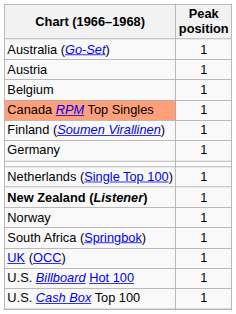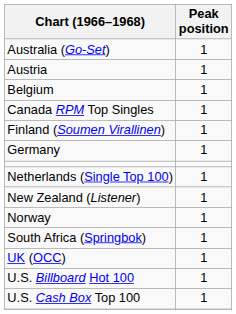 <table class="wikitable sortable">
 <tr>
 <th>Chart (1966–1968)</th>
 <th>Peak<br>position</th>
 </tr>
 <tr>
 <td>Australia (<em><a href='#'>Go-Set</a></em>)</td>
 <td style="text-align:center;">1</td>
 </tr>
 <tr>
 <td>Austria</td>
 <td style="text-align:center;">1</td>
 </tr>
 <tr>
 <td>Belgium</td>
 <td style="text-align:center;">1</td>
 </tr>
 <tr>
-<td style="background: lightsalmon;">Canada <em><a href='#'>RPM</a></em> Top Singles</td>
+<td>Canada <em><a href='#'>RPM</a></em> Top Singles</td>
 <td style="text-align:center;">1</td>
 </tr>
 <tr>
 <td>Finland (<a href='#'><em>Soumen Virallinen</em></a>)</td>
 <td style="text-align:center;">1</td>
 </tr>
 <tr>
 <td>Germany</td>
 <td style="text-align:center;">1</td>
 </tr>
 <tr>
 <td></td>
 </tr>
 <tr>
 <td>Netherlands (<a href='#'>Single Top 100</a>)</td>
 <td align="center">1</td>
 </tr>
 <tr>
-<td><strong>New Zealand (<em>Listener</em>)</strong></td>
+<td>New Zealand (<em>Listener</em>)</td>
 <td style="text-align:center;">1</td>
 </tr>
 <tr>
 <td>Norway</td>
 <td style="text-align:center;">1</td>
 </tr>
 <tr>
 <td>South Africa (<a href='#'>Springbok</a>)</td>
 <td style="text-align:center;">1</td>
 </tr>
 <tr>
 <td><a href='#'>UK</a> (<a href='#'>OCC</a>)</td>
 <td style="text-align:center;">1</td>
 </tr>
 <tr>
 <td>U.S. <em><a href='#'>Billboard</a></em> <a href='#'>Hot 100</a></td>
 <td style="text-align:center;">1</td>
 </tr>
 <tr>
 <td>U.S. <a href='#'><em>Cash Box</em></a> Top 100</td>
 <td align="center">1</td>
 </tr>
 <tr>
 </tr>
 </table>
